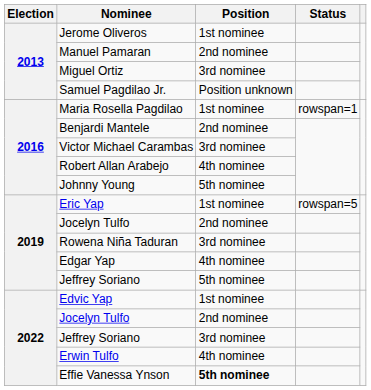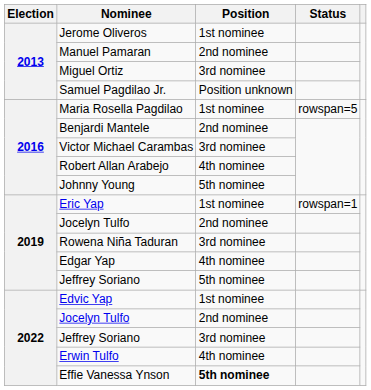 <table class=wikitable style="text-align:rleft">
 <tr>
 <th>Election</th>
 <th>Nominee</th>
 <th>Position</th>
 <th>Status</th>
 <th></th>
 </tr>
 <tr>
 <th rowspan=4><a href='#'>2013</a></th>
 <td>Jerome Oliveros</td>
 <td>1st nominee</td>
 <td></td>
 <td rowspan=4></td>
 </tr>
 <tr>
 <td>Manuel Pamaran</td>
 <td>2nd nominee</td>
 <td></td>
 </tr>
 <tr>
 <td>Miguel Ortiz</td>
 <td>3rd nominee</td>
 <td></td>
 </tr>
 <tr>
 <td>Samuel Pagdilao Jr.</td>
 <td>Position unknown</td>
 <td></td>
 </tr>
 <tr>
 <th rowspan=5><a href='#'>2016</a></th>
 <td>Maria Rosella Pagdilao</td>
 <td>1st nominee</td>
-<td>rowspan=1 </td>
+<td>rowspan=5 </td>
 <td rowspan=5></td>
 </tr>
 <tr>
 <td>Benjardi Mantele</td>
 <td>2nd nominee</td>
 </tr>
 <tr>
 <td>Victor Michael Carambas</td>
 <td>3rd nominee</td>
 </tr>
 <tr>
 <td>Robert Allan Arabejo</td>
 <td>4th nominee</td>
 </tr>
 <tr>
 <td>Johnny Young</td>
 <td>5th nominee</td>
 </tr>
 <tr>
 <th rowspan=5>2019</th>
 <td><a href='#'>Eric Yap</a></td>
 <td>1st nominee</td>
-<td>rowspan=5 </td>
+<td>rowspan=1 </td>
 <td rowspan=5></td>
 </tr>
 <tr>
 <td>Jocelyn Tulfo</td>
 <td>2nd nominee</td>
 <td></td>
 </tr>
 <tr>
 <td>Rowena Niña Taduran</td>
 <td>3rd nominee</td>
 <td></td>
 </tr>
 <tr>
 <td>Edgar Yap</td>
 <td>4th nominee</td>
 <td></td>
 </tr>
 <tr>
 <td>Jeffrey Soriano</td>
 <td>5th nominee</td>
 <td></td>
 </tr>
 <tr>
 <th rowspan=5>2022</th>
 <td><a href='#'>Edvic Yap</a></td>
 <td>1st nominee</td>
 <td></td>
 <td rowspan=5></td>
 </tr>
 <tr>
 <td><a href='#'>Jocelyn Tulfo</a></td>
 <td>2nd nominee</td>
 <td></td>
 </tr>
 <tr>
 <td>Jeffrey Soriano</td>
 <td>3rd nominee</td>
 <td></td>
 </tr>
 <tr>
 <td><a href='#'>Erwin Tulfo</a></td>
 <td>4th nominee</td>
 <td></td>
 </tr>
 <tr>
 <td>Effie Vanessa Ynson</td>
 <td><strong>5th nominee</strong></td>
 <td></td>
 </tr>
 </table>
